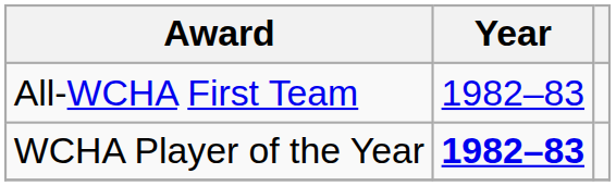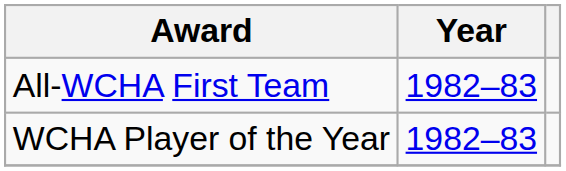 <table class="wikitable">
 <tr>
 <th>Award</th>
 <th>Year</th>
 <th></th>
 </tr>
 <tr>
 <td>All-<a href='#'>WCHA</a> <a href='#'>First Team</a></td>
 <td><a href='#'>1982–83</a></td>
 <td></td>
 </tr>
 <tr>
 <td>WCHA Player of the Year</td>
-<td><strong><a href='#'>1982–83</a></strong></td>
+<td><a href='#'>1982–83</a></td>
 <td></td>
 </tr>
 <tr>
 </tr>
 </table>
